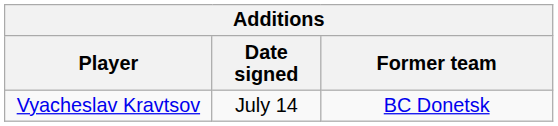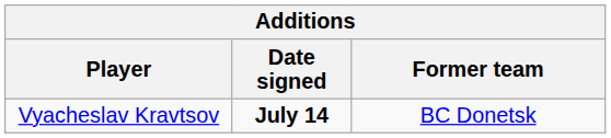 <table class="wikitable" style="text-align:center">
 <tr>
 <th colspan=3>Additions</th>
 </tr>
 <tr>
 <th style="width:160px">Player</th>
 <th style="width:80px">Date signed</th>
 <th style="width:180px">Former team</th>
 </tr>
 <tr>
 <td><a href='#'>Vyacheslav Kravtsov</a></td>
-<td>July 14</td>
+<td><strong>July 14</strong></td>
 <td><a href='#'>BC Donetsk</a> </td>
 </tr>
 </table>
